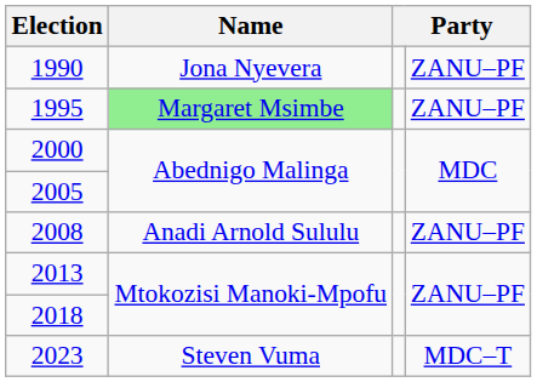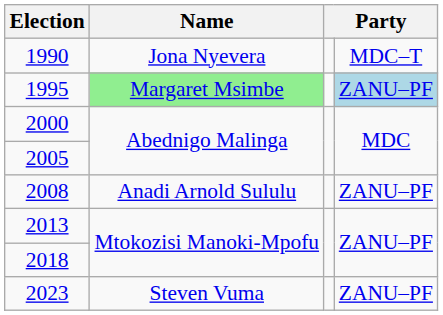 <table class="wikitable" style="text-align:center">
 <tr>
 <th>Election</th>
 <th>Name</th>
 <th colspan="2">Party</th>
 </tr>
 <tr>
 <td><a href='#'>1990</a></td>
 <td><a href='#'>Jona Nyevera</a></td>
 <td style="background-color: "></td>
-<td><a href='#'>ZANU–PF</a></td>
+<td><a href='#'>MDC–T</a></td>
 </tr>
 <tr>
 <td><a href='#'>1995</a></td>
 <td style="background: lightgreen;"><a href='#'>Margaret Msimbe</a></td>
 <td style="background-color: "></td>
-<td><a href='#'>ZANU–PF</a></td>
+<td style="background: lightblue;"><a href='#'>ZANU–PF</a></td>
 </tr>
 <tr>
 <td><a href='#'>2000</a></td>
 <td rowspan="2"><a href='#'>Abednigo Malinga</a></td>
 <td rowspan="2" style="background-color: "></td>
 <td rowspan="2"><a href='#'>MDC</a></td>
 </tr>
 <tr>
 <td><a href='#'>2005</a></td>
 </tr>
 <tr>
 <td><a href='#'>2008</a></td>
 <td><a href='#'>Anadi Arnold Sululu</a></td>
 <td style="background-color: "></td>
 <td><a href='#'>ZANU–PF</a></td>
 </tr>
 <tr>
 <td><a href='#'>2013</a></td>
 <td rowspan="2"><a href='#'>Mtokozisi Manoki-Mpofu</a></td>
 <td rowspan="2" style="background-color: "></td>
 <td rowspan="2"><a href='#'>ZANU–PF</a></td>
 </tr>
 <tr>
 <td><a href='#'>2018</a></td>
 </tr>
 <tr>
 <td><a href='#'>2023</a></td>
 <td><a href='#'>Steven Vuma</a></td>
 <td style="background-color: "></td>
-<td><a href='#'>MDC–T</a></td>
+<td><a href='#'>ZANU–PF</a></td>
 </tr>
 </table>
